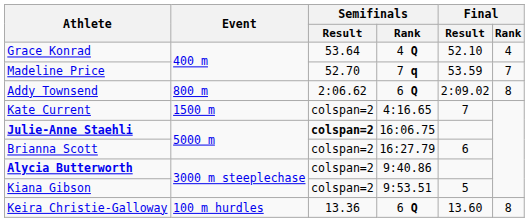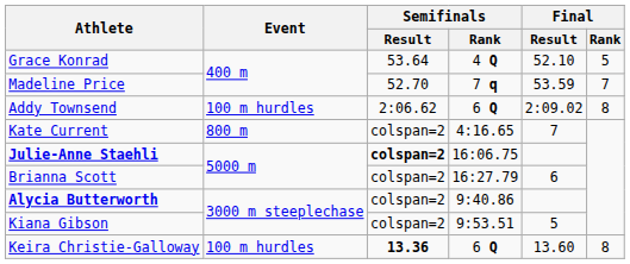 <table class=wikitable style="font-size:90%">
 <tr>
 <th rowspan=2>Athlete</th>
 <th rowspan=2>Event</th>
 <th colspan=2>Semifinals</th>
 <th colspan=2>Final</th>
 </tr>
 <tr style="font-size:95%">
 <th>Result</th>
 <th>Rank</th>
 <th>Result</th>
 <th>Rank</th>
 </tr>
 <tr align=center>
 <td align=left><a href='#'>Grace Konrad</a></td>
 <td align=left rowspan=2><a href='#'>400 m</a></td>
 <td>53.64</td>
 <td>4 <strong>Q</strong></td>
 <td>52.10</td>
-<td>4</td>
+<td>5</td>
 </tr>
 <tr align=center>
 <td align=left><a href='#'>Madeline Price</a></td>
 <td>52.70</td>
 <td>7 <strong>q</strong></td>
 <td>53.59</td>
 <td>7</td>
 </tr>
 <tr align=center>
 <td align=left><a href='#'>Addy Townsend</a></td>
-<td align=left><a href='#'>800 m</a></td>
+<td align=left><a href='#'>100 m hurdles</a></td>
 <td>2:06.62</td>
 <td>6 <strong>Q</strong></td>
 <td>2:09.02</td>
 <td>8</td>
 </tr>
 <tr align=center>
 <td align=left><a href='#'>Kate Current</a></td>
-<td align=left><a href='#'>1500 m</a></td>
+<td align=left><a href='#'>800 m</a></td>
 <td>colspan=2 </td>
 <td>4:16.65</td>
 <td>7</td>
 </tr>
 <tr align=center>
 <td align=left><strong><a href='#'>Julie-Anne Staehli</a></strong></td>
 <td align=left rowspan=2><a href='#'>5000 m</a></td>
 <td><strong>colspan=2 </strong></td>
 <td>16:06.75</td>
 <td></td>
 </tr>
 <tr align=center>
 <td align=left><a href='#'>Brianna Scott</a></td>
 <td>colspan=2 </td>
 <td>16:27.79</td>
 <td>6</td>
 </tr>
 <tr align=center>
 <td align=left><strong><a href='#'>Alycia Butterworth</a></strong></td>
 <td align=left rowspan=2><a href='#'>3000 m steeplechase</a></td>
 <td>colspan=2 </td>
 <td>9:40.86</td>
 <td></td>
 </tr>
 <tr align=center>
 <td align=left><a href='#'>Kiana Gibson</a></td>
 <td>colspan=2 </td>
 <td>9:53.51</td>
 <td>5</td>
 </tr>
 <tr align=center>
 <td align=left><a href='#'>Keira Christie-Galloway</a></td>
 <td align=left><a href='#'>100 m hurdles</a></td>
-<td>13.36</td>
+<td><strong>13.36</strong></td>
 <td>6 <strong>Q</strong></td>
 <td>13.60</td>
 <td>8</td>
 </tr>
 </table>
